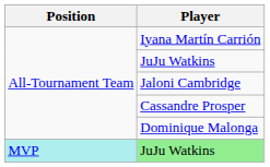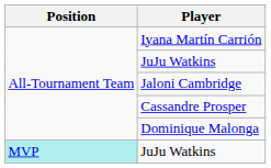 <table class="wikitable">
 <tr>
 <th>Position</th>
 <th>Player</th>
 </tr>
 <tr>
 <td rowspan=5><a href='#'>All-Tournament Team</a></td>
 <td> <a href='#'>Iyana Martín Carrión</a></td>
 </tr>
 <tr>
 <td> <a href='#'>JuJu Watkins</a></td>
 </tr>
 <tr>
 <td> <a href='#'>Jaloni Cambridge</a></td>
 </tr>
 <tr>
 <td> <a href='#'>Cassandre Prosper</a></td>
 </tr>
 <tr>
 <td> <a href='#'>Dominique Malonga</a></td>
 </tr>
 <tr>
 <td style="background: paleturquoise;"><a href='#'>MVP</a></td>
-<td style="background: lightgreen;"> JuJu Watkins</td>
+<td> JuJu Watkins</td>
 </tr>
 </table>
